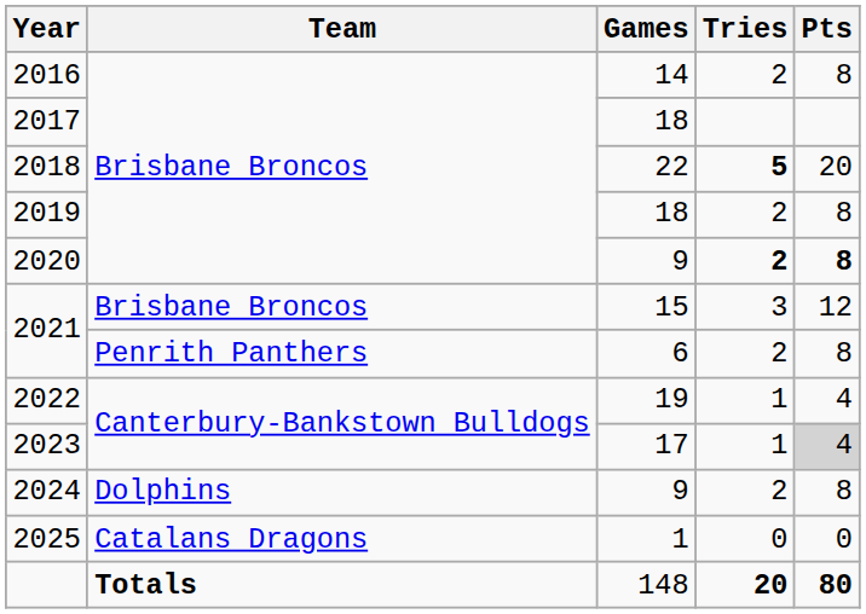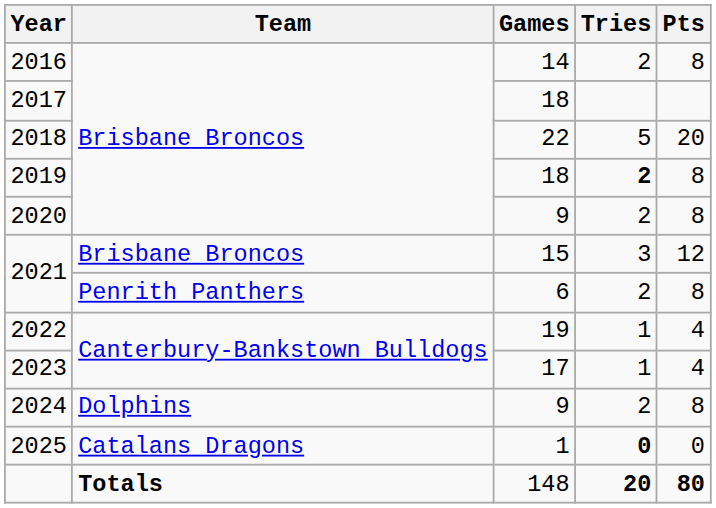 <table class="wikitable">
 <tr>
 <th>Year</th>
 <th>Team</th>
 <th>Games</th>
 <th>Tries</th>
 <th>Pts</th>
 </tr>
 <tr>
 <td>2016</td>
 <td rowspan="5"> <a href='#'>Brisbane Broncos</a></td>
 <td align=right>14</td>
 <td align=right>2</td>
 <td align=right>8</td>
 </tr>
 <tr>
 <td align=center>2017</td>
 <td align=right>18</td>
 <td align=right></td>
 <td align=right></td>
 </tr>
 <tr>
 <td align=center>2018</td>
 <td align=right>22</td>
-<td align=right><strong>5</strong></td>
+<td align=right>5</td>
 <td align=right>20</td>
 </tr>
 <tr>
 <td align=center>2019</td>
 <td align=right>18</td>
-<td align=right>2</td>
+<td align=right><strong>2</strong></td>
 <td align=right>8</td>
 </tr>
 <tr>
 <td align=center>2020</td>
 <td align=right>9</td>
-<td align=right><strong>2</strong></td>
-<td align=right><strong>8</strong></td>
+<td align=right>2</td>
+<td align=right>8</td>
 </tr>
 <tr>
 <td rowspan="2">2021</td>
 <td> <a href='#'>Brisbane Broncos</a></td>
 <td align="right">15</td>
 <td align=right>3</td>
 <td align=right>12</td>
 </tr>
 <tr>
 <td align=left> <a href='#'>Penrith Panthers</a></td>
 <td align=right>6</td>
 <td align=right>2</td>
 <td align=right>8</td>
 </tr>
 <tr>
 <td align=center>2022</td>
 <td rowspan="2"> <a href='#'>Canterbury-Bankstown Bulldogs</a></td>
 <td align=right>19</td>
 <td align=right>1</td>
 <td align=right>4</td>
 </tr>
 <tr>
 <td align=center>2023</td>
 <td align=right>17</td>
 <td align=right>1</td>
-<td align=right style="background: lightgrey;">4</td>
+<td align=right>4</td>
 </tr>
 <tr>
 <td align=center>2024</td>
 <td align=left> <a href='#'>Dolphins</a></td>
 <td align=right>9</td>
 <td align=right>2</td>
 <td align=right>8</td>
 </tr>
 <tr>
 <td align=center>2025</td>
 <td align=left> <a href='#'>Catalans Dragons</a></td>
 <td align=right>1</td>
-<td align=right>0</td>
+<td align=right><strong>0</strong></td>
 <td align=right>0</td>
 </tr>
 <tr>
 <td></td>
 <td align=left><strong>Totals</strong></td>
 <td align=right>148</td>
 <td align=right><strong>20</strong></td>
 <td align=right><strong>80</strong></td>
 </tr>
 </table>
